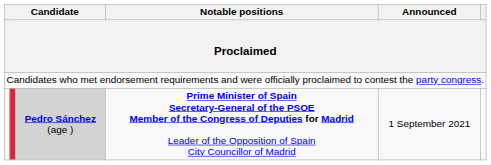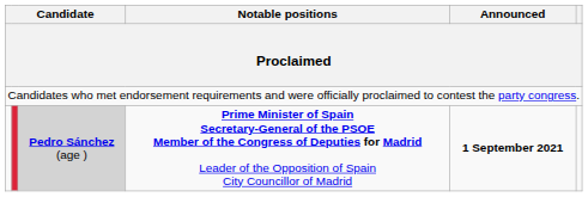 <table class="wikitable" style="text-align:center;">
 <tr>
 <th colspan="3">Candidate</th>
 <th>Notable positions</th>
 <th>Announced</th>
 <th></th>
 </tr>
 <tr>
 <th colspan="6"><br><h3>Proclaimed</h3></th>
 </tr>
 <tr>
 <td colspan="6">Candidates who met endorsement requirements and were officially proclaimed to contest the <a href='#'>party congress</a>.</td>
 </tr>
 <tr>
 <td></td>
 <td style="color:inherit;background:#DD2239"></td>
 <td style="background: lightgrey;"><strong><a href='#'>Pedro Sánchez</a></strong><br>(age )</td>
 <td><strong><a href='#'>Prime Minister of Spain</a> <br><a href='#'>Secretary-General of the PSOE</a> <br><a href='#'>Member of the Congress of Deputies</a> for <a href='#'>Madrid</a><br></strong><br><a href='#'>Leader of the Opposition of Spain</a> <br><a href='#'>City Councillor of Madrid</a> </td>
-<td>1 September 2021</td>
+<td><strong>1 September 2021</strong></td>
 <td><br></td>
 </tr>
 </table>
